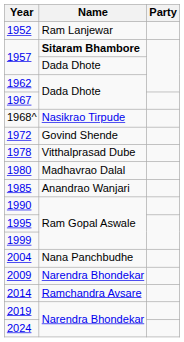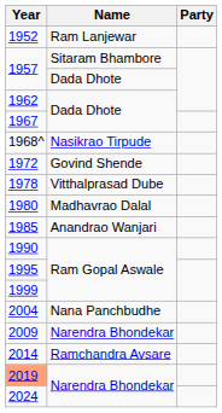 <table class="wikitable">
 <tr>
 <th>Year</th>
 <th>Name</th>
 <th colspan="2">Party</th>
 </tr>
 <tr>
 <td><a href='#'>1952</a></td>
 <td>Ram Lanjewar</td>
 <td></td>
 </tr>
 <tr>
 <td rowspan="2"><a href='#'>1957</a></td>
-<td><strong>Sitaram Bhambore</strong></td>
+<td>Sitaram Bhambore</td>
 </tr>
 <tr>
 <td>Dada Dhote</td>
 </tr>
 <tr>
 <td><a href='#'>1962</a></td>
 <td rowspan="2">Dada Dhote</td>
 </tr>
 <tr>
 <td><a href='#'>1967</a></td>
 <td></td>
 </tr>
 <tr>
 <td>1968^</td>
 <td><a href='#'>Nasikrao Tirpude</a></td>
 <td></td>
 </tr>
 <tr>
 <td><a href='#'>1972</a></td>
 <td>Govind Shende</td>
 <td></td>
 </tr>
 <tr>
 <td><a href='#'>1978</a></td>
 <td>Vitthalprasad Dube</td>
 <td></td>
 </tr>
 <tr>
 <td><a href='#'>1980</a></td>
 <td>Madhavrao Dalal</td>
 <td></td>
 </tr>
 <tr>
 <td><a href='#'>1985</a></td>
 <td>Anandrao Wanjari</td>
 <td></td>
 </tr>
 <tr>
 <td><a href='#'>1990</a></td>
 <td rowspan="3">Ram Gopal Aswale</td>
 <td></td>
 </tr>
 <tr>
 <td><a href='#'>1995</a></td>
 </tr>
 <tr>
 <td><a href='#'>1999</a></td>
 </tr>
 <tr>
 <td><a href='#'>2004</a></td>
 <td>Nana Panchbudhe</td>
 <td></td>
 </tr>
 <tr>
 <td><a href='#'>2009</a></td>
 <td><a href='#'>Narendra Bhondekar</a></td>
 <td></td>
 </tr>
 <tr>
 <td><a href='#'>2014</a></td>
 <td><a href='#'>Ramchandra Avsare</a></td>
 <td></td>
 </tr>
 <tr>
-<td><a href='#'>2019</a></td>
+<td style="background: lightsalmon;"><a href='#'>2019</a></td>
 <td rowspan="2"><a href='#'>Narendra Bhondekar</a></td>
 <td></td>
 </tr>
 <tr>
 <td><a href='#'>2024</a></td>
 <td></td>
 </tr>
 </table>
